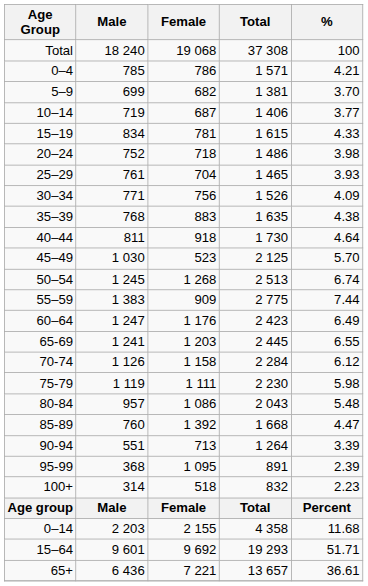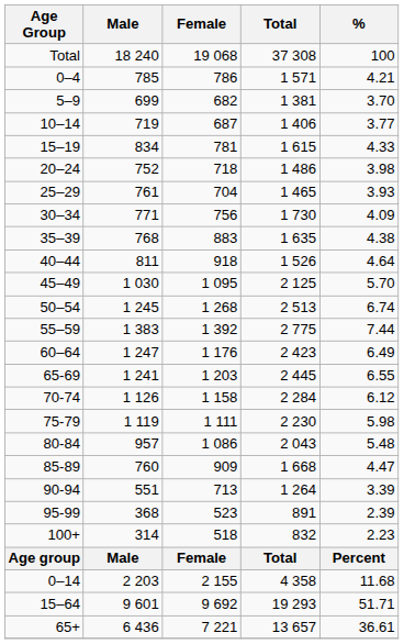 <table class="wikitable">
 <tr>
 <th width="80pt">Age Group</th>
 <th width="80pt">Male</th>
 <th width="80pt">Female</th>
 <th width="80pt">Total</th>
 <th width="80pt">%</th>
 </tr>
 <tr>
 <td align="right">Total</td>
 <td align="right">18 240</td>
 <td align="right">19 068</td>
 <td align="right">37 308</td>
 <td align="right">100</td>
 </tr>
 <tr>
 <td align="right">0–4</td>
 <td align="right">785</td>
 <td align="right">786</td>
 <td align="right">1 571</td>
 <td align="right">4.21</td>
 </tr>
 <tr>
 <td align="right">5–9</td>
 <td align="right">699</td>
 <td align="right">682</td>
 <td align="right">1 381</td>
 <td align="right">3.70</td>
 </tr>
 <tr>
 <td align="right">10–14</td>
 <td align="right">719</td>
 <td align="right">687</td>
 <td align="right">1 406</td>
 <td align="right">3.77</td>
 </tr>
 <tr>
 <td align="right">15–19</td>
 <td align="right">834</td>
 <td align="right">781</td>
 <td align="right">1 615</td>
 <td align="right">4.33</td>
 </tr>
 <tr>
 <td align="right">20–24</td>
 <td align="right">752</td>
 <td align="right">718</td>
 <td align="right">1 486</td>
 <td align="right">3.98</td>
 </tr>
 <tr>
 <td align="right">25–29</td>
 <td align="right">761</td>
 <td align="right">704</td>
 <td align="right">1 465</td>
 <td align="right">3.93</td>
 </tr>
 <tr>
 <td align="right">30–34</td>
 <td align="right">771</td>
 <td align="right">756</td>
-<td align="right">1 526</td>
+<td align="right">1 730</td>
 <td align="right">4.09</td>
 </tr>
 <tr>
 <td align="right">35–39</td>
 <td align="right">768</td>
 <td align="right">883</td>
 <td align="right">1 635</td>
 <td align="right">4.38</td>
 </tr>
 <tr>
 <td align="right">40–44</td>
 <td align="right">811</td>
 <td align="right">918</td>
-<td align="right">1 730</td>
+<td align="right">1 526</td>
 <td align="right">4.64</td>
 </tr>
 <tr>
 <td align="right">45–49</td>
 <td align="right">1 030</td>
-<td align="right">523</td>
+<td align="right">1 095</td>
 <td align="right">2 125</td>
 <td align="right">5.70</td>
 </tr>
 <tr>
 <td align="right">50–54</td>
 <td align="right">1 245</td>
 <td align="right">1 268</td>
 <td align="right">2 513</td>
 <td align="right">6.74</td>
 </tr>
 <tr>
 <td align="right">55–59</td>
 <td align="right">1 383</td>
-<td align="right">909</td>
+<td align="right">1 392</td>
 <td align="right">2 775</td>
 <td align="right">7.44</td>
 </tr>
 <tr>
 <td align="right">60–64</td>
 <td align="right">1 247</td>
 <td align="right">1 176</td>
 <td align="right">2 423</td>
 <td align="right">6.49</td>
 </tr>
 <tr>
 <td align="right">65-69</td>
 <td align="right">1 241</td>
 <td align="right">1 203</td>
 <td align="right">2 445</td>
 <td align="right">6.55</td>
 </tr>
 <tr>
 <td align="right">70-74</td>
 <td align="right">1 126</td>
 <td align="right">1 158</td>
 <td align="right">2 284</td>
 <td align="right">6.12</td>
 </tr>
 <tr>
 <td align="right">75-79</td>
 <td align="right">1 119</td>
 <td align="right">1 111</td>
 <td align="right">2 230</td>
 <td align="right">5.98</td>
 </tr>
 <tr>
 <td align="right">80-84</td>
 <td align="right">957</td>
 <td align="right">1 086</td>
 <td align="right">2 043</td>
 <td align="right">5.48</td>
 </tr>
 <tr>
 <td align="right">85-89</td>
 <td align="right">760</td>
-<td align="right">1 392</td>
+<td align="right">909</td>
 <td align="right">1 668</td>
 <td align="right">4.47</td>
 </tr>
 <tr>
 <td align="right">90-94</td>
 <td align="right">551</td>
 <td align="right">713</td>
 <td align="right">1 264</td>
 <td align="right">3.39</td>
 </tr>
 <tr>
 <td align="right">95-99</td>
 <td align="right">368</td>
-<td align="right">1 095</td>
+<td align="right">523</td>
 <td align="right">891</td>
 <td align="right">2.39</td>
 </tr>
 <tr>
 <td align="right">100+</td>
 <td align="right">314</td>
 <td align="right">518</td>
 <td align="right">832</td>
 <td align="right">2.23</td>
 </tr>
 <tr>
 <th width="50">Age group</th>
 <th width="80pt">Male</th>
 <th width="80">Female</th>
 <th width="80">Total</th>
 <th width="50">Percent</th>
 </tr>
 <tr>
 <td align="right">0–14</td>
 <td align="right">2 203</td>
 <td align="right">2 155</td>
 <td align="right">4 358</td>
 <td align="right">11.68</td>
 </tr>
 <tr>
 <td align="right">15–64</td>
 <td align="right">9 601</td>
 <td align="right">9 692</td>
 <td align="right">19 293</td>
 <td align="right">51.71</td>
 </tr>
 <tr>
 <td align="right">65+</td>
 <td align="right">6 436</td>
 <td align="right">7 221</td>
 <td align="right">13 657</td>
 <td align="right">36.61</td>
 </tr>
 <tr>
 </tr>
 </table>
